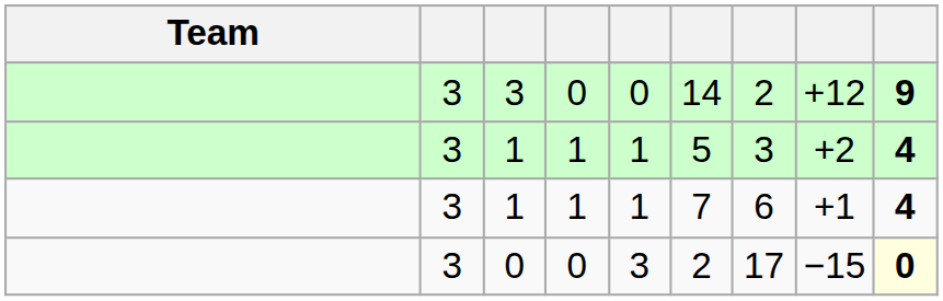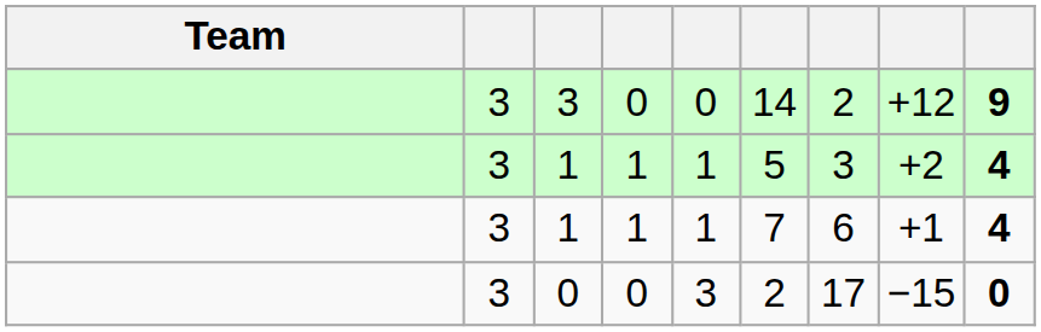 <table class="wikitable" style="text-align:center">
 <tr>
 <th width=175>Team</th>
 <th width=20 abbr="Played"></th>
 <th width=20 abbr="Won"></th>
 <th width=20 abbr="Drawn"></th>
 <th width=20 abbr="Lost"></th>
 <th width=20 abbr="Goals for"></th>
 <th width=20 abbr="Goals against"></th>
 <th width=20 abbr="Goal difference"></th>
 <th width=20 abbr="Points"></th>
 </tr>
 <tr>
 </tr>
 <tr bgcolor="#CCFFCC">
 <td align="left"></td>
 <td>3</td>
 <td>3</td>
 <td>0</td>
 <td>0</td>
 <td>14</td>
 <td>2</td>
 <td>+12</td>
 <td><strong>9</strong></td>
 </tr>
 <tr bgcolor="#CCFFCC">
 <td align="left"></td>
 <td>3</td>
 <td>1</td>
 <td>1</td>
 <td>1</td>
 <td>5</td>
 <td>3</td>
 <td>+2</td>
 <td><strong>4</strong></td>
 </tr>
 <tr>
 <td align="left"></td>
 <td>3</td>
 <td>1</td>
 <td>1</td>
 <td>1</td>
 <td>7</td>
 <td>6</td>
 <td>+1</td>
 <td><strong>4</strong></td>
 </tr>
 <tr>
 <td align="left"></td>
 <td>3</td>
 <td>0</td>
 <td>0</td>
 <td>3</td>
 <td>2</td>
 <td>17</td>
 <td>−15</td>
-<td style="background: lightyellow;"><strong>0</strong></td>
+<td><strong>0</strong></td>
 </tr>
 </table>
